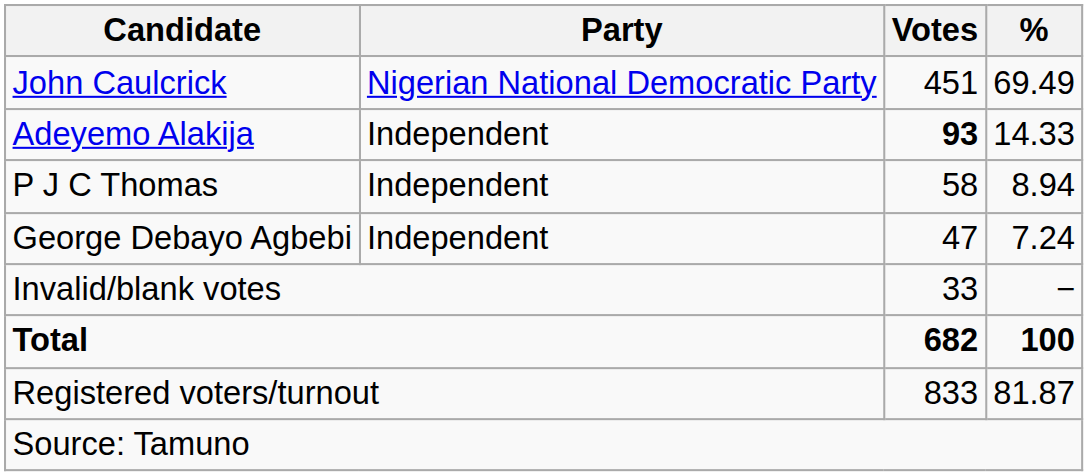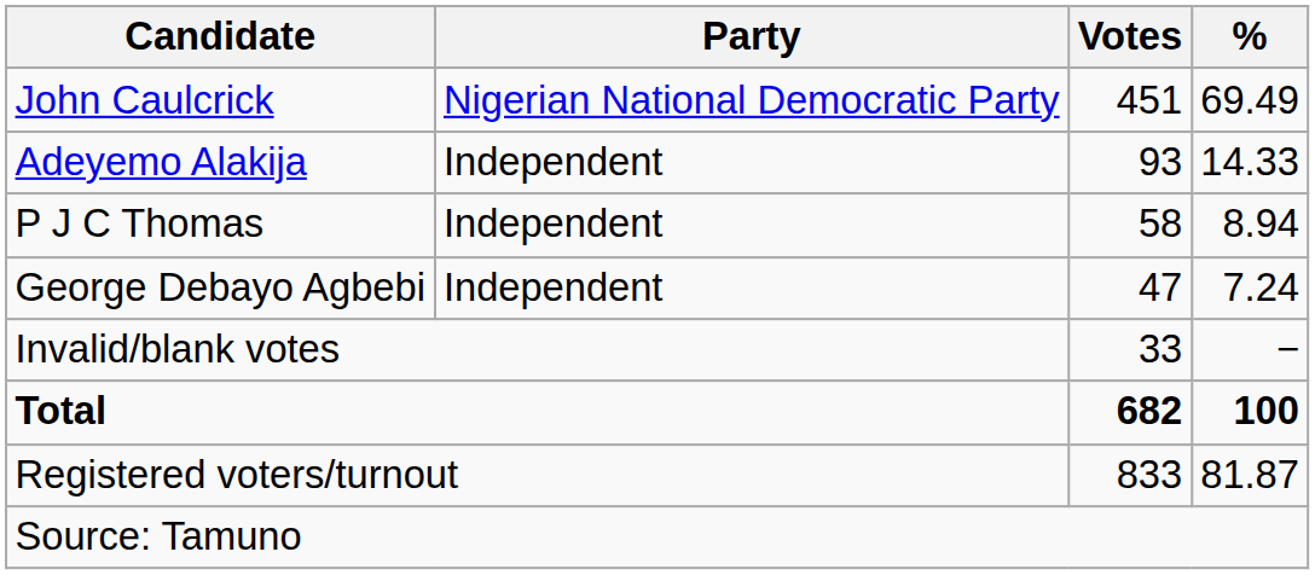 <table class=wikitable style=text-align:right>
 <tr>
 <th>Candidate</th>
 <th>Party</th>
 <th>Votes</th>
 <th>%</th>
 </tr>
 <tr>
 <td align=left><a href='#'>John Caulcrick</a></td>
 <td align=left><a href='#'>Nigerian National Democratic Party</a></td>
 <td>451</td>
 <td>69.49</td>
 </tr>
 <tr>
 <td align=left><a href='#'>Adeyemo Alakija</a></td>
 <td align=left>Independent</td>
-<td><strong>93</strong></td>
+<td>93</td>
 <td>14.33</td>
 </tr>
 <tr>
 <td align=left>P J C Thomas</td>
 <td align=left>Independent</td>
 <td>58</td>
 <td>8.94</td>
 </tr>
 <tr>
 <td align=left>George Debayo Agbebi</td>
 <td align=left>Independent</td>
 <td>47</td>
 <td>7.24</td>
 </tr>
 <tr>
 <td align=left colspan=2>Invalid/blank votes</td>
 <td>33</td>
 <td>−</td>
 </tr>
 <tr>
 <td align=left colspan=2><strong>Total</strong></td>
 <td><strong>682</strong></td>
 <td><strong>100</strong></td>
 </tr>
 <tr>
 <td align=left colspan=2>Registered voters/turnout</td>
 <td>833</td>
 <td>81.87</td>
 </tr>
 <tr>
 <td align=left colspan=4>Source: Tamuno</td>
 </tr>
 </table>
